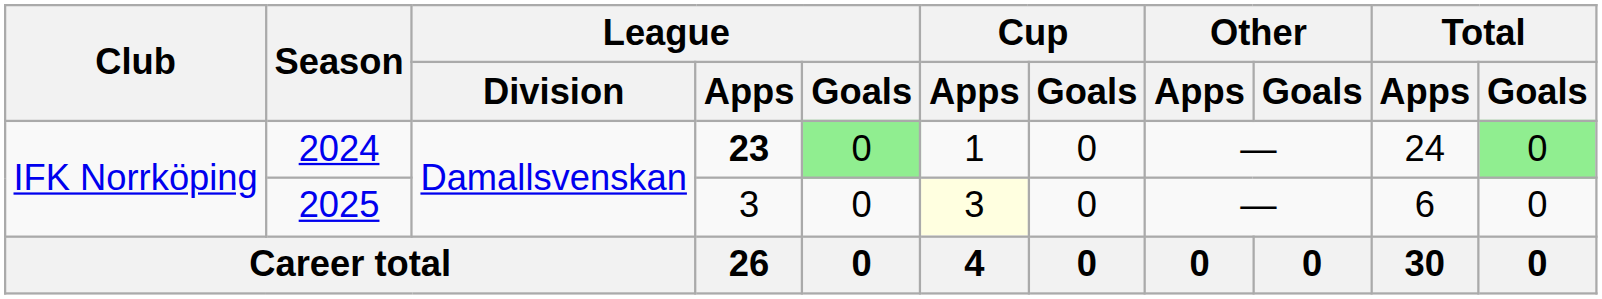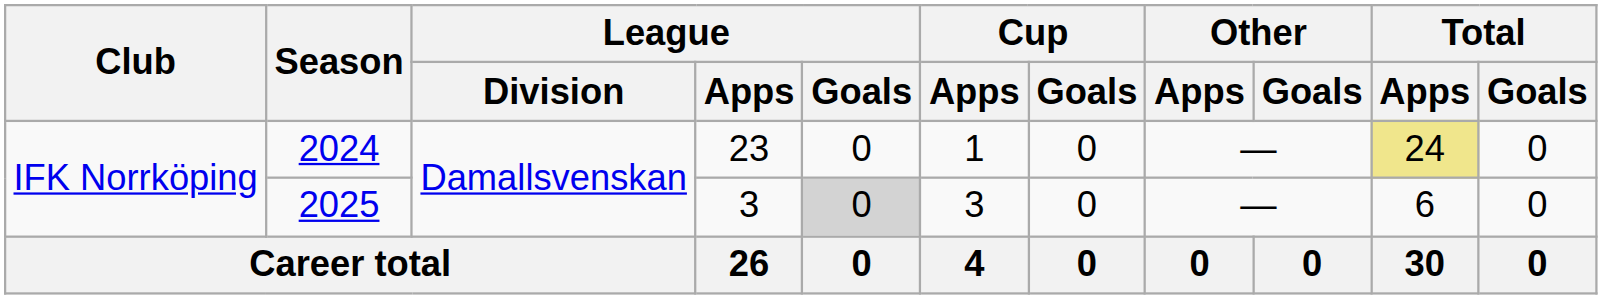 <table class="wikitable" style="text-align: center;">
 <tr>
 <th rowspan="2">Club</th>
 <th rowspan="2">Season</th>
 <th colspan="3">League</th>
 <th colspan="2">Cup</th>
 <th colspan="2">Other</th>
 <th colspan="2">Total</th>
 </tr>
 <tr>
 <th>Division</th>
 <th>Apps</th>
 <th>Goals</th>
 <th>Apps</th>
 <th>Goals</th>
 <th>Apps</th>
 <th>Goals</th>
 <th>Apps</th>
 <th>Goals</th>
 </tr>
 <tr>
 <td rowspan="2"><a href='#'>IFK Norrköping</a></td>
 <td><a href='#'>2024</a></td>
 <td rowspan="2"><a href='#'>Damallsvenskan</a></td>
-<td><strong>23</strong></td>
-<td style="background: lightgreen;">0</td>
+<td>23</td>
+<td>0</td>
 <td>1</td>
 <td>0</td>
 <td colspan="2">—</td>
-<td>24</td>
-<td style="background: lightgreen;">0</td>
+<td style="background: khaki;">24</td>
+<td>0</td>
 </tr>
 <tr>
 <td><a href='#'>2025</a></td>
 <td>3</td>
-<td>0</td>
-<td style="background: lightyellow;">3</td>
+<td style="background: lightgrey;">0</td>
+<td>3</td>
 <td>0</td>
 <td colspan="2">—</td>
 <td>6</td>
 <td>0</td>
 </tr>
 <tr>
 <th colspan="3">Career total</th>
 <th>26</th>
 <th>0</th>
 <th>4</th>
 <th>0</th>
 <th>0</th>
 <th>0</th>
 <th>30</th>
 <th>0</th>
 </tr>
 </table>
